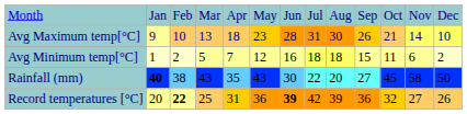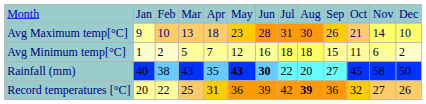 <table class="wikitable">
 <tr>
 <td style="background: #99CCCC; color: #000080" height="17"><a href='#'>Month</a></td>
 <td style="background: #99CCCC; color:#000080;">Jan</td>
 <td style="background: #99CCCC; color:#000080;">Feb</td>
 <td style="background: #99CCCC; color:#000080;">Mar</td>
 <td style="background: #99CCCC; color:#000080;">Apr</td>
 <td style="background: #99CCCC; color:#000080;">May</td>
 <td style="background: #99CCCC; color:#000080;">Jun</td>
 <td style="background: #99CCCC; color:#000080;">Jul</td>
 <td style="background: #99CCCC; color:#000080;">Aug</td>
 <td style="background: #99CCCC; color:#000080;">Sep</td>
 <td style="background: #99CCCC; color:#000080;">Oct</td>
 <td style="background: #99CCCC; color:#000080;">Nov</td>
 <td style="background: #99CCCC; color:#000080;">Dec</td>
 </tr>
 <tr ---->
 <td style="background: #99CCCC; color:#000080;">Avg Maximum temp[°C]</td>
 <td style="background: #FFFF99; color:#000080;">9</td>
 <td style="background: #FFCC66; color:#000080;">10</td>
 <td style="background: #FFCC66; color:#000080;">13</td>
 <td style="background: #FFCC66; color:#000080;">18</td>
 <td style="background: #FFCC00; color:#000080;">23</td>
 <td style="background: #FF9900; color:#000080;">28</td>
 <td style="background: #FF9900; color:#000080;">31</td>
 <td style="background: #FF9900; color:#000080;">30</td>
 <td style="background: #FFCC00; color:#000080;">26</td>
 <td style="background: #FFCC66; color:#000080;">21</td>
 <td style="background: #FFFF66; color:#000080;">14</td>
 <td style="background: #FFFF66; color:#000080;">10</td>
 </tr>
 <tr ---->
 <td style="background: #99CCCC; color:#000080;" height="16;">Avg Minimum   temp[°C]</td>
 <td style="background: #FFFFCC; color: black;">1</td>
 <td style="background: #FFFFCC; color: black;">2</td>
 <td style="background: #FFFF99; color: black;">5</td>
 <td style="background: #FFFF99; color: black;">7</td>
 <td style="background: #FFFF99; color: black;">12</td>
 <td style="background: #FFFF99; color: black;">16</td>
 <td style="background: #FFFF66; color: black;">18</td>
 <td style="background: #FFFF66; color: black;">18</td>
 <td style="background: #FFFF99; color: black;">15</td>
 <td style="background: #FFFF99; color: black;">11</td>
 <td style="background: #FFFF99; color: black;">6</td>
 <td style="background: #FFFFCC; color: black;">2</td>
 </tr>
 <tr ---->
 <td style="background: #99CCCC; color:#000080;">Rainfall (mm)</td>
-<td style="background: #0033FF; color: black;"><strong>40</strong></td>
+<td style="background: #0033FF; color: black;">40</td>
 <td style="background: #66CCFF; color: black;">38</td>
 <td style="background: #0033FF; color: black;">43</td>
 <td style="background: #66CCFF; color: black;">35</td>
-<td style="background: #0033FF; color: black;">43</td>
-<td style="background: #66CCFF; color: black;">30</td>
+<td style="background: #0033FF; color: black;"><strong>43</strong></td>
+<td style="background: #66CCFF; color: black;"><strong>30</strong></td>
 <td style="background: #66FFFF; color: black;">22</td>
 <td style="background: #66FFFF; color: black;">20</td>
 <td style="background: #66FFFF; color: black;">27</td>
 <td style="background: #0033FF; color: black;">45</td>
 <td style="background: #0033FF; color: black;">58</td>
 <td style="background: #0033FF; color: black;">50</td>
 </tr>
 <tr ---->
 <td style="background: #99CCCC; color:#000080;">Record temperatures [°C]</td>
 <td style="background: #FFFF99;">20</td>
-<td style="background: #FFFF99;"><strong>22</strong></td>
+<td style="background: #FFFF99;">22</td>
 <td style="background: #FFCC66;">25</td>
 <td style="background: #FFCC00;">31</td>
 <td style="background: #FF9900;">36</td>
+<td style="background: #FF9900;">39</td>
+<td style="background: #FF9900;">42</td>
 <td style="background: #FF9900;"><strong>39</strong></td>
-<td style="background: #FF9900;">42</td>
-<td style="background: #FF9900;">39</td>
 <td style="background: #FF9900;">36</td>
 <td style="background: #FFCC00;">32</td>
 <td style="background: #FFCC66;">27</td>
 <td style="background: #FFCC66;">26</td>
 </tr>
 </table>
